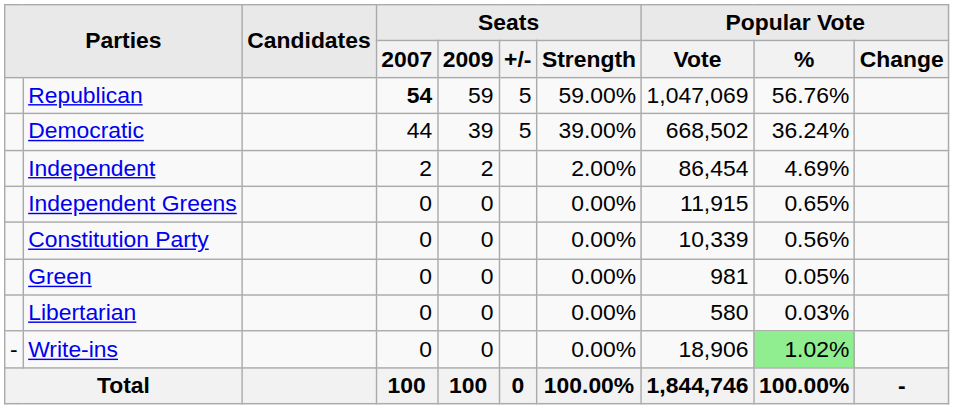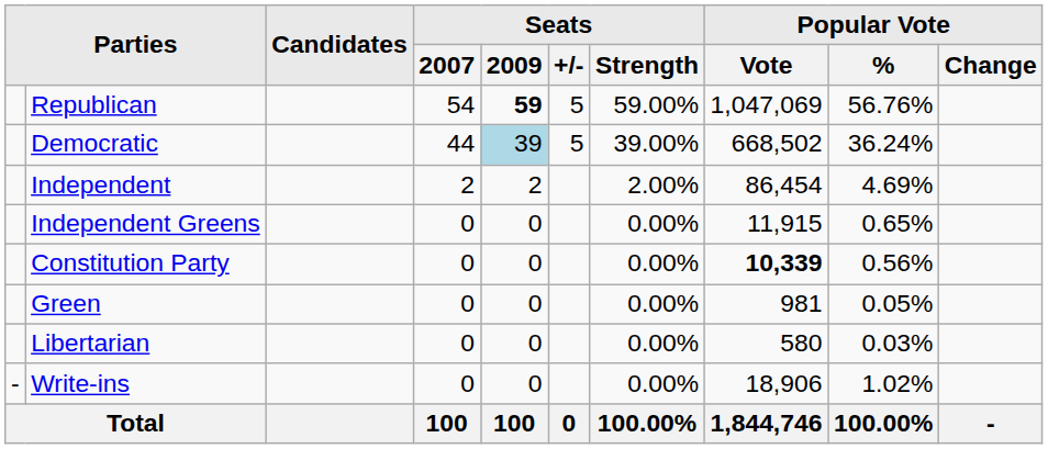 <table class="wikitable">
 <tr>
 <th colspan="2" rowspan="2" align="center" style="background-color:#E9E9E9">Parties</th>
 <th rowspan="2" align="center" style="background-color:#E9E9E9">Candidates</th>
 <th colspan="4" align="center" style="background-color:#E9E9E9">Seats</th>
 <th colspan="3" align="center" style="background-color:#E9E9E9">Popular Vote</th>
 </tr>
 <tr>
 <th align="center">2007</th>
 <th align="center">2009</th>
 <th align="center">+/-</th>
 <th align="center">Strength</th>
 <th align="center">Vote</th>
 <th align="center">%</th>
 <th align="center">Change</th>
 </tr>
 <tr>
 <td></td>
 <td align="left"><a href='#'>Republican</a></td>
 <td align="right"></td>
-<td align="right" ><strong>54</strong></td>
-<td align="right" >59</td>
+<td align="right" >54</td>
+<td align="right" ><strong>59</strong></td>
 <td align="right"> 5</td>
 <td align="right" >59.00%</td>
 <td align="right" >1,047,069</td>
 <td align="right" >56.76%</td>
 <td align="right"></td>
 </tr>
 <tr>
 <td></td>
 <td align="left"><a href='#'>Democratic</a></td>
 <td align="right"></td>
 <td align="right">44</td>
-<td align="right">39</td>
+<td align="right" style="background: lightblue;">39</td>
 <td align="right"> 5</td>
 <td align="right">39.00%</td>
 <td align="right">668,502</td>
 <td align="right">36.24%</td>
 <td align="right"></td>
 </tr>
 <tr>
 <td></td>
 <td><a href='#'>Independent</a></td>
 <td align="right"></td>
 <td align="right">2</td>
 <td align="right">2</td>
 <td align="right"></td>
 <td align="right">2.00%</td>
 <td align="right">86,454</td>
 <td align="right">4.69%</td>
 <td align="right"></td>
 </tr>
 <tr>
 <td></td>
 <td><a href='#'>Independent Greens</a></td>
 <td align="right"></td>
 <td align="right">0</td>
 <td align="right">0</td>
 <td align="right"></td>
 <td align="right">0.00%</td>
 <td align="right">11,915</td>
 <td align="right">0.65%</td>
 <td align="right"></td>
 </tr>
 <tr>
 <td></td>
 <td><a href='#'>Constitution Party</a></td>
 <td align="right"></td>
 <td align="right">0</td>
 <td align="right">0</td>
 <td align="right"></td>
 <td align="right">0.00%</td>
-<td align="right">10,339</td>
+<td align="right"><strong>10,339</strong></td>
 <td align="right">0.56%</td>
 <td align="right"></td>
 </tr>
 <tr>
 <td></td>
 <td><a href='#'>Green</a></td>
 <td align="right"></td>
 <td align="right">0</td>
 <td align="right">0</td>
 <td align="right"></td>
 <td align="right">0.00%</td>
 <td align="right">981</td>
 <td align="right">0.05%</td>
 <td align="right"></td>
 </tr>
 <tr>
 <td></td>
 <td><a href='#'>Libertarian</a></td>
 <td align="right"></td>
 <td align="right">0</td>
 <td align="right">0</td>
 <td align="right"></td>
 <td align="right">0.00%</td>
 <td align="right">580</td>
 <td align="right">0.03%</td>
 <td align="right"></td>
 </tr>
 <tr>
 <td>-</td>
 <td><a href='#'>Write-ins</a></td>
 <td align="right"></td>
 <td align="right">0</td>
 <td align="right">0</td>
 <td align="right"></td>
 <td align="right">0.00%</td>
 <td align="right">18,906</td>
-<td align="right" style="background: lightgreen;">1.02%</td>
+<td align="right">1.02%</td>
 <td align="right"></td>
 </tr>
 <tr>
 <th colspan="2" align="center">Total</th>
 <th align="center"></th>
 <th align="center">100</th>
 <th align="center">100</th>
 <th align="center">0</th>
 <th align="center">100.00%</th>
 <th align="center">1,844,746</th>
 <th align="center">100.00%</th>
 <th align="center">-</th>
 </tr>
 </table>
